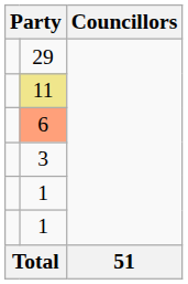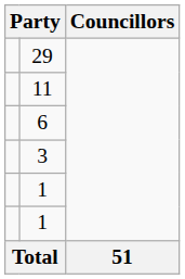 <table class="wikitable">
 <tr>
 <th colspan="2">Party</th>
 <th>Councillors</th>
 </tr>
 <tr>
 <td></td>
 <td align=center>29</td>
 </tr>
 <tr>
 <td></td>
-<td align=center style="background: khaki;">11</td>
+<td align=center>11</td>
 </tr>
 <tr>
 <td></td>
-<td align=center style="background: lightsalmon;">6</td>
+<td align=center>6</td>
 </tr>
 <tr>
 <td></td>
 <td align=center>3</td>
 </tr>
 <tr>
 <td></td>
 <td align=center>1</td>
 </tr>
 <tr>
 <td></td>
 <td align=center>1</td>
 </tr>
 <tr>
 <th colspan=2>Total</th>
 <th align=center>51</th>
 </tr>
 </table>
